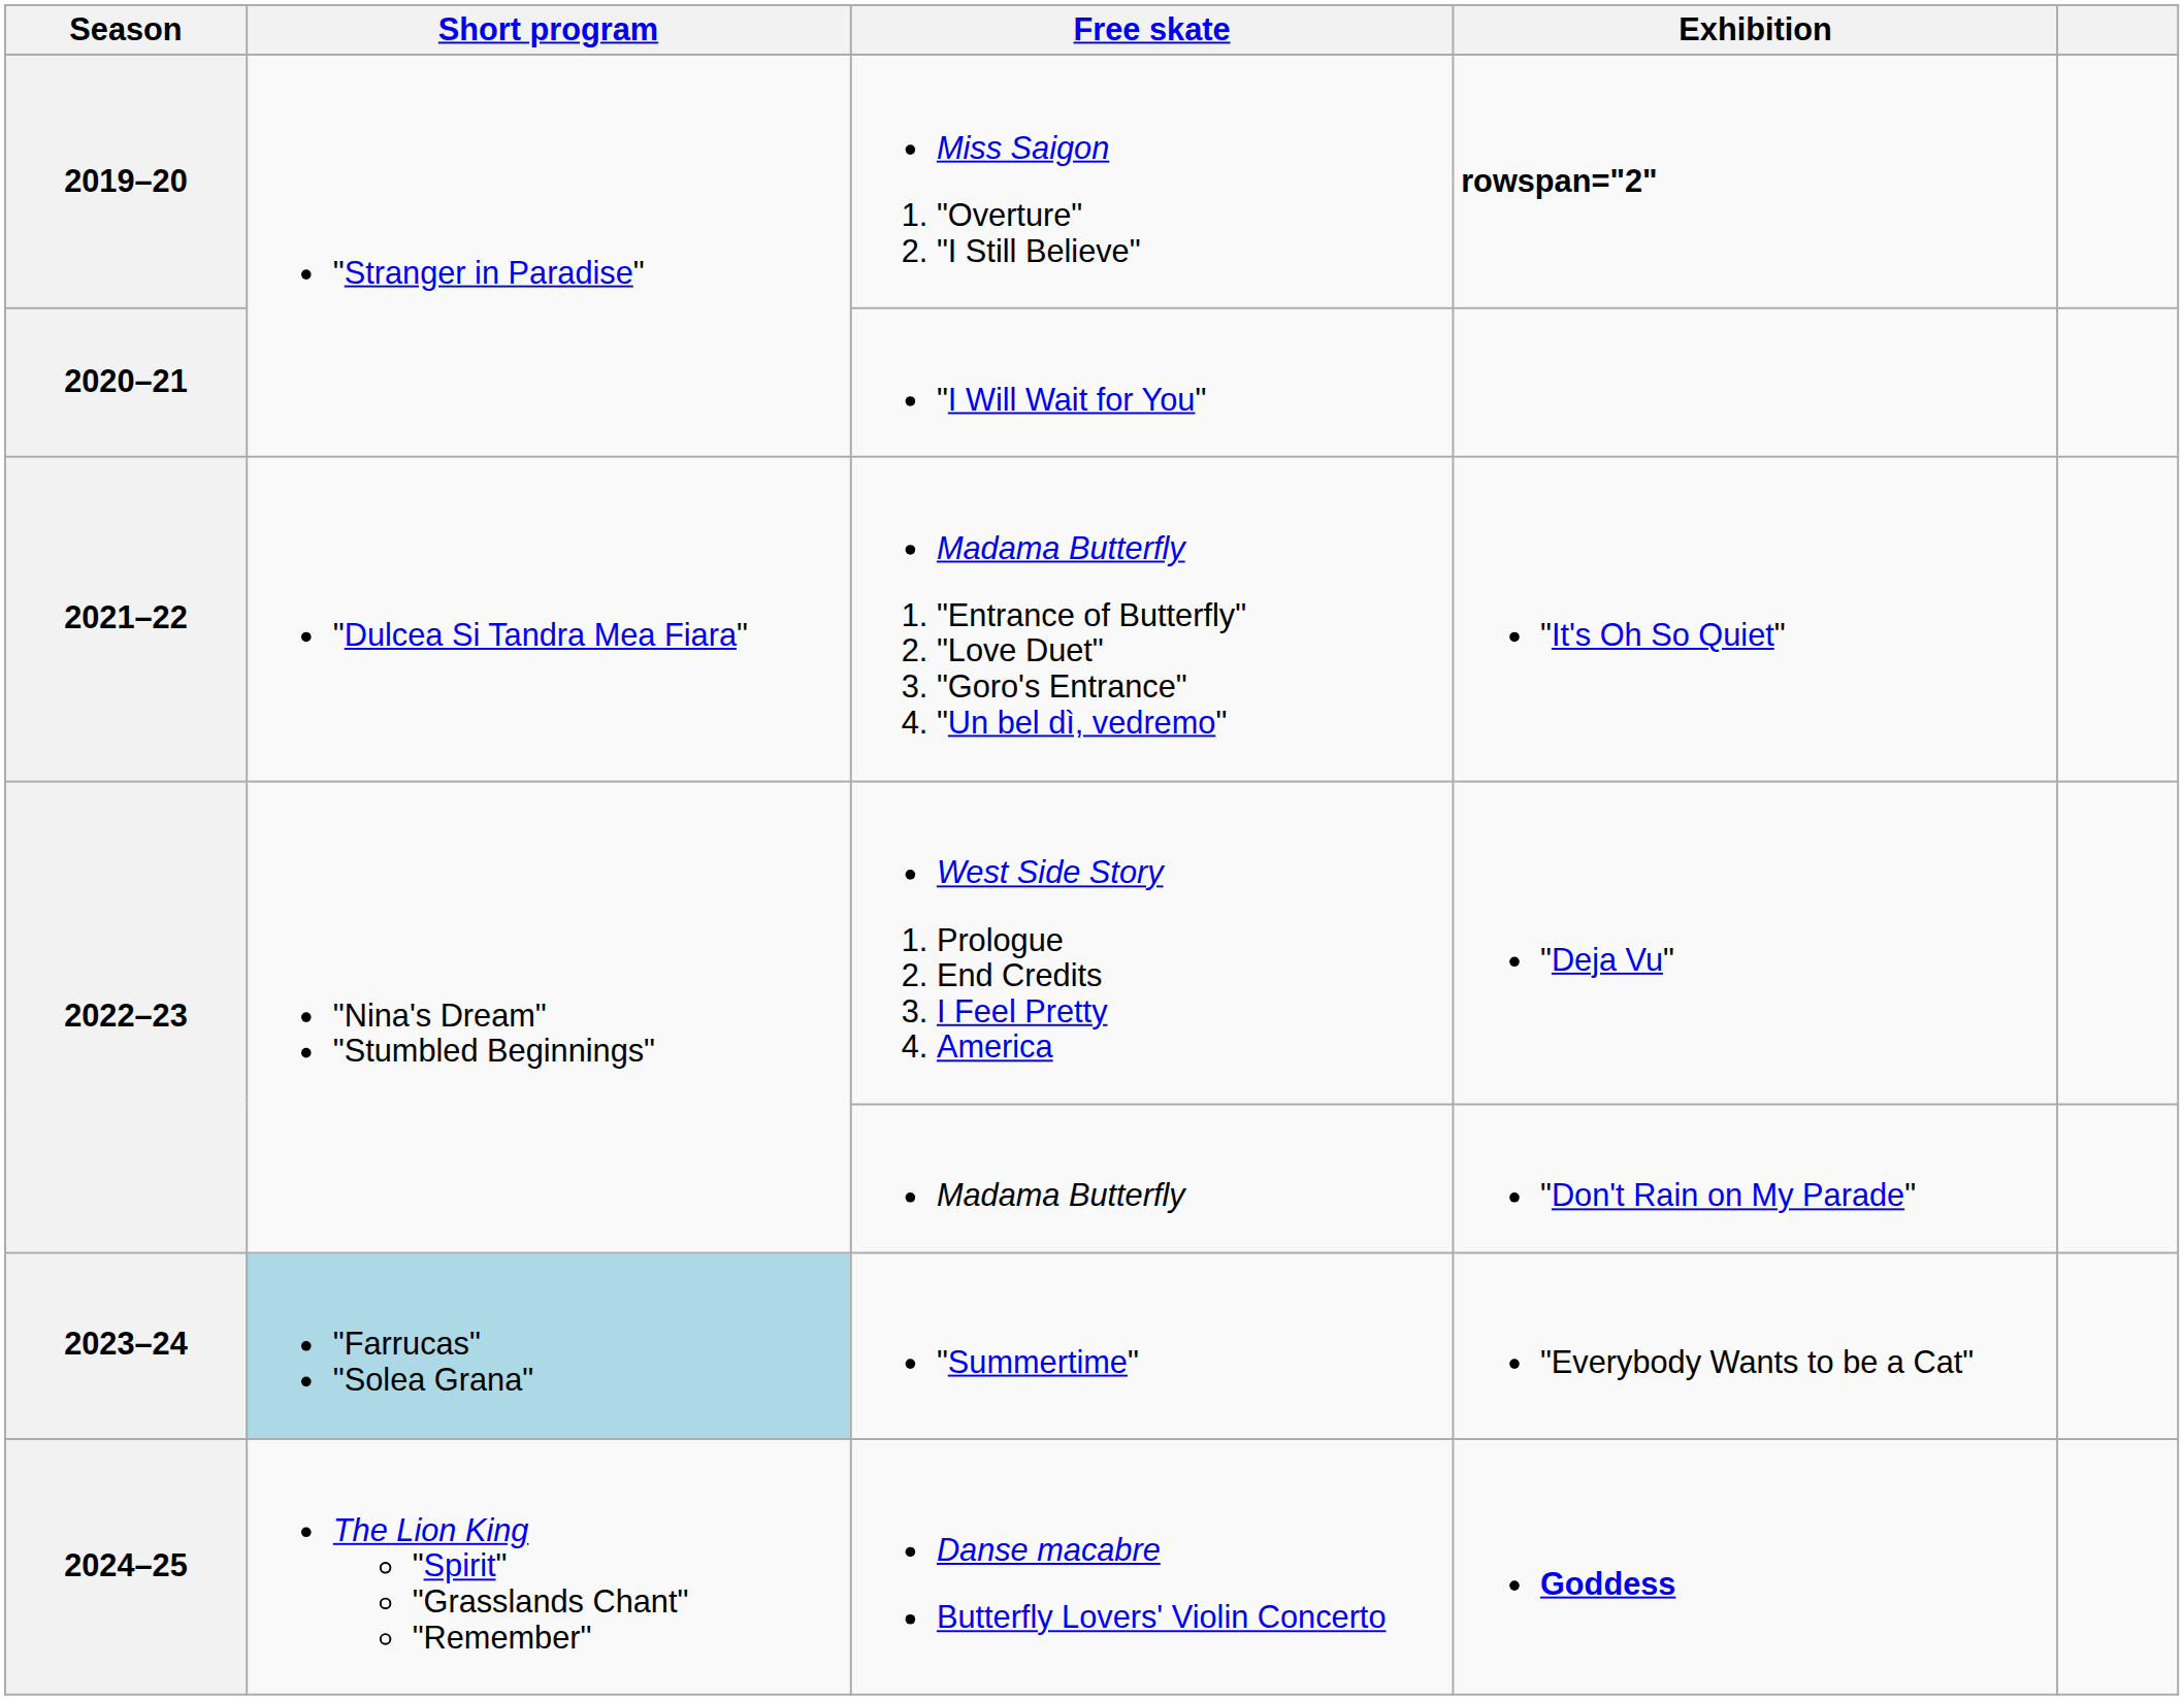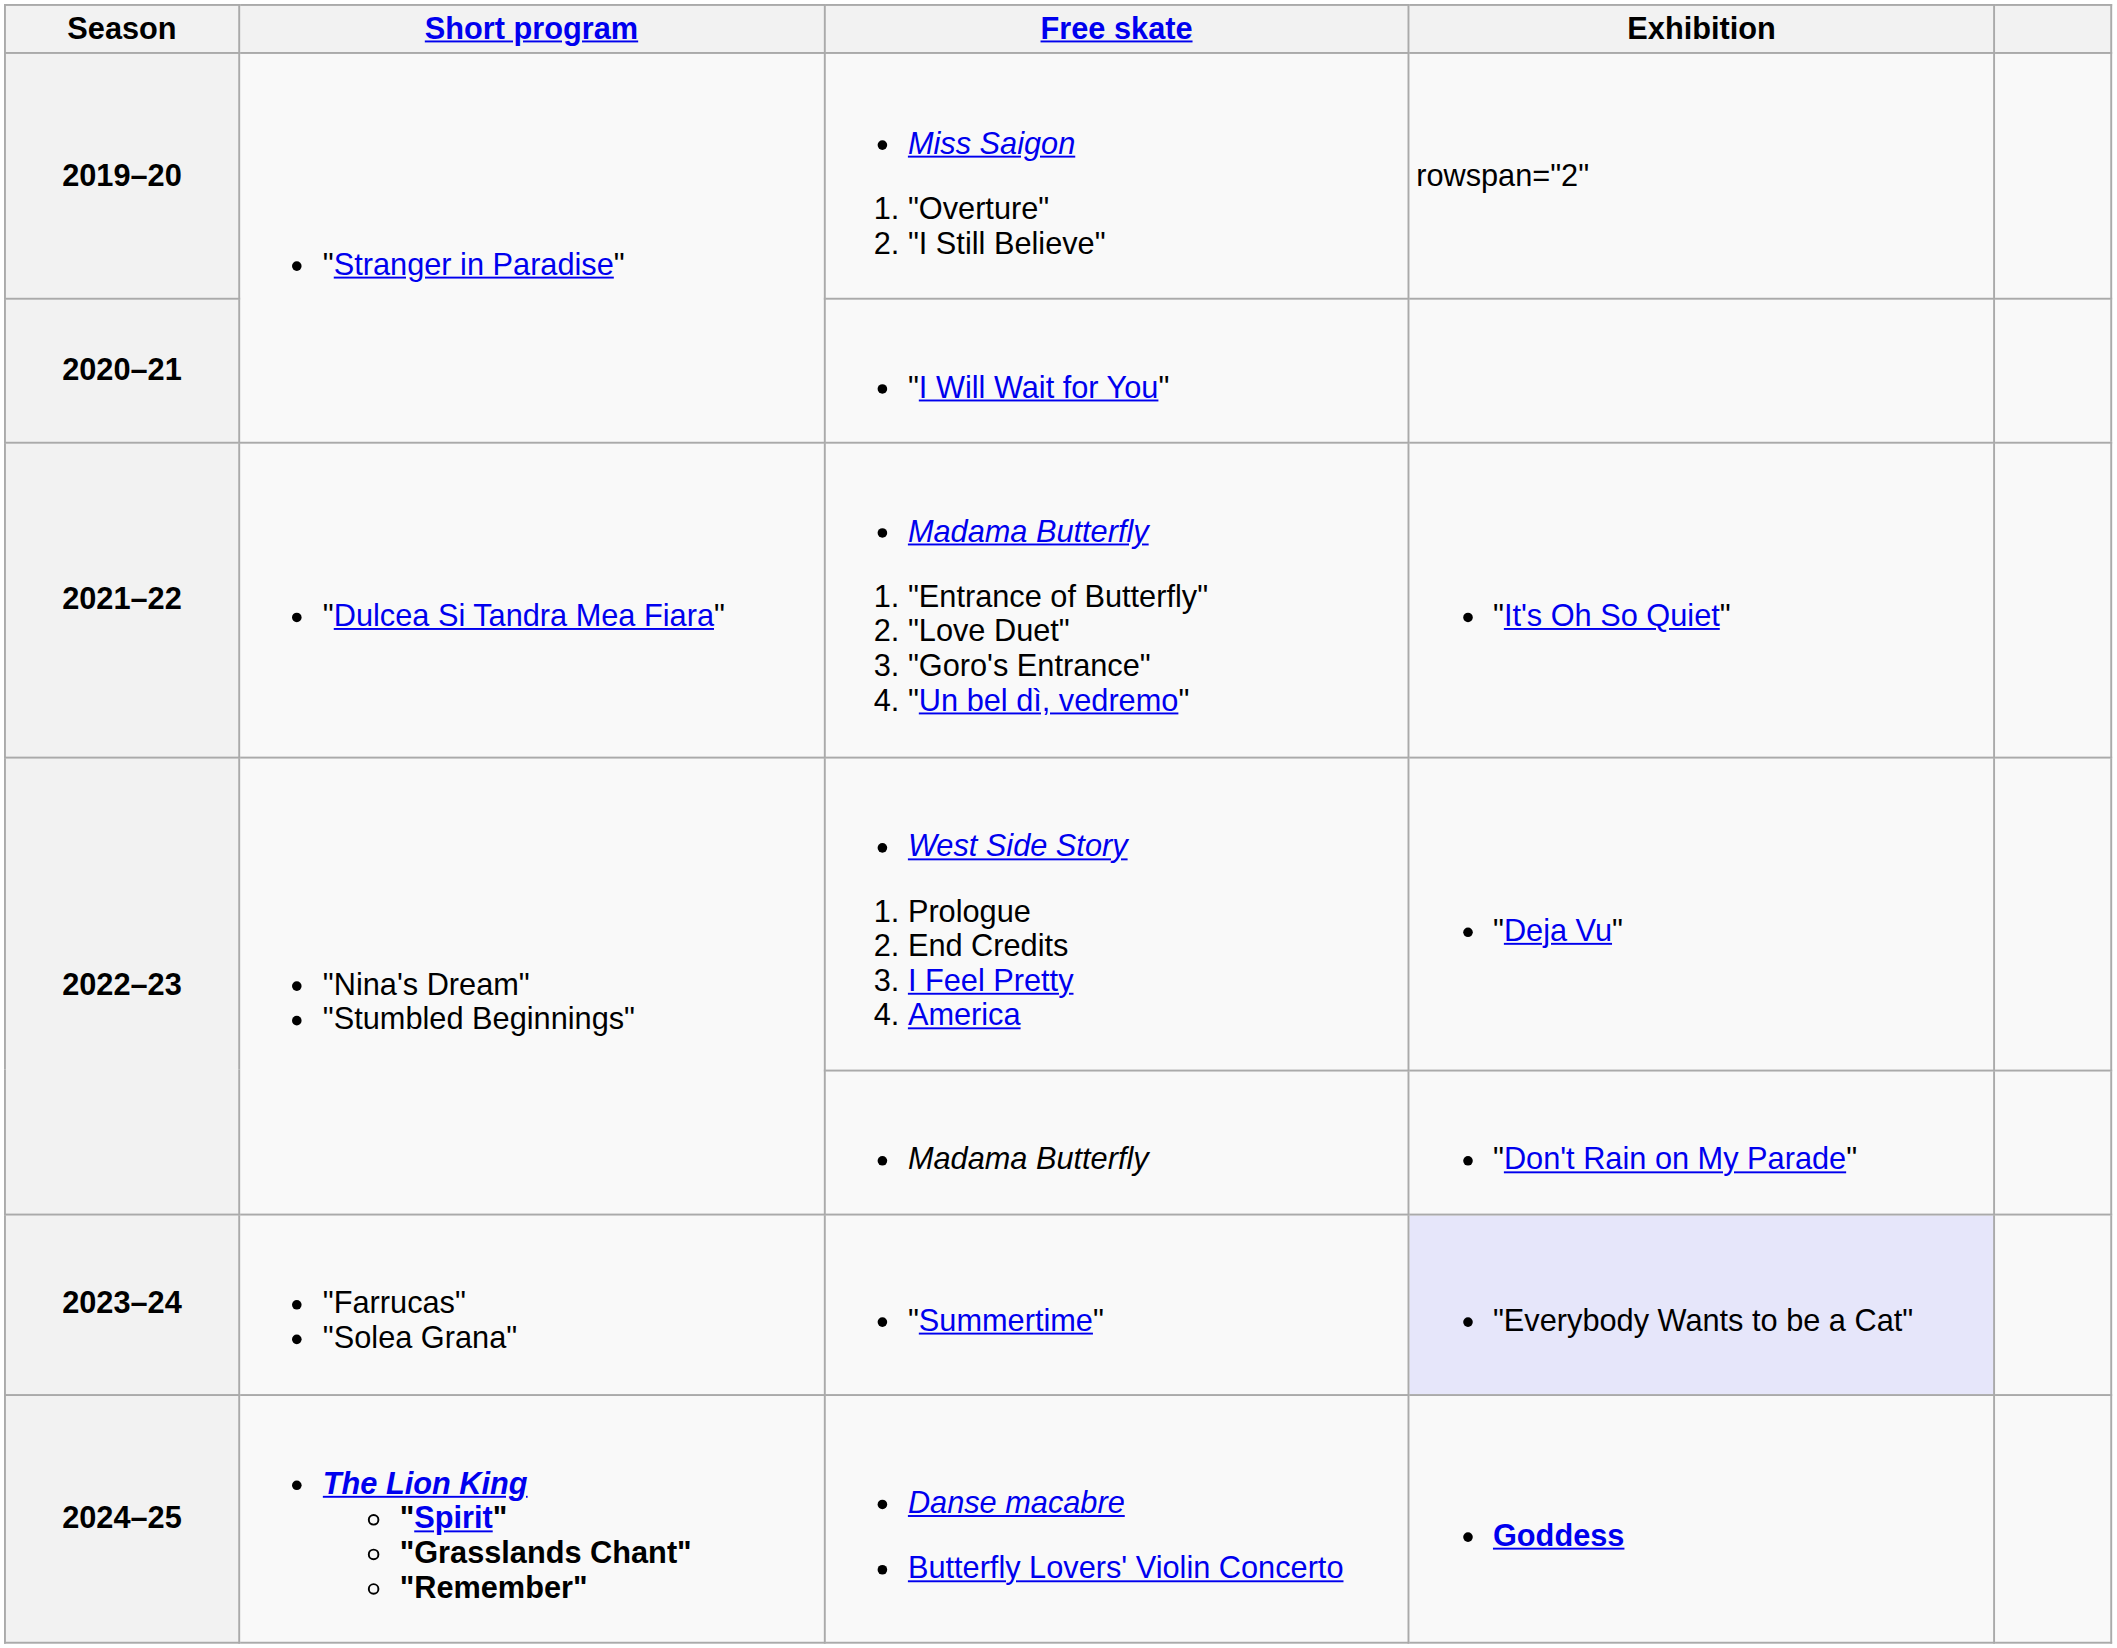 <table class="wikitable unsortable" style="text-align:left">
 <tr>
 <th scope="col" style="text-align:center; width:10%">Season</th>
 <th scope="col" style="text-align:center; width:25%"><a href='#'>Short program</a></th>
 <th scope="col" style="text-align:center; width:25%"><a href='#'>Free skate</a></th>
 <th scope="col" style="text-align:center; width:25%">Exhibition</th>
 <th scope="col" style="text-align:center; width:5%"></th>
 </tr>
 <tr>
 <th scope="row">2019–20</th>
 <td rowspan="2"><br><ul><li>"<a href='#'>Stranger in Paradise</a>"<br></li></ul></td>
 <td><br><ul><li><em><a href='#'>Miss Saigon</a></em></li></ul><ol><li>"Overture"</li><li>"I Still Believe"<br></li></ol></td>
-<td><strong>rowspan="2" </strong></td>
+<td>rowspan="2" </td>
 <td></td>
 </tr>
 <tr>
 <th scope="row">2020–21</th>
 <td><br><ul><li>"<a href='#'>I Will Wait for You</a>"<br></li></ul></td>
 <td></td>
 </tr>
 <tr>
 <th scope="row">2021–22</th>
 <td><br><ul><li>"<a href='#'>Dulcea Si Tandra Mea Fiara</a>"<br></li></ul></td>
 <td><br><ul><li><em><a href='#'>Madama Butterfly</a></em></li></ul><ol><li>"Entrance of Butterfly"</li><li>"Love Duet"</li><li>"Goro's Entrance"</li><li>"<a href='#'>Un bel dì, vedremo</a>"<br></li></ol></td>
 <td><br><ul><li>"<a href='#'>It's Oh So Quiet</a>"<br></li></ul></td>
 <td></td>
 </tr>
 <tr>
 <th rowspan="2">2022–23</th>
 <td rowspan="2"><br><ul><li>"Nina's Dream"</li><li>"Stumbled Beginnings"<br></li></ul></td>
 <td><br><ul><li><em><a href='#'>West Side Story</a></em></li></ul><ol><li>Prologue</li><li>End Credits</li><li><a href='#'>I Feel Pretty</a><br></li><li><a href='#'>America</a><br></li></ol></td>
 <td><br><ul><li>"<a href='#'>Deja Vu</a>"<br></li></ul></td>
 <td></td>
 </tr>
 <tr>
 <td><br><ul><li><em>Madama Butterfly</em></li></ul></td>
 <td><br><ul><li>"<a href='#'>Don't Rain on My Parade</a>"<br></li></ul></td>
 <td></td>
 </tr>
 <tr>
 <th scope="row">2023–24</th>
-<td style="background: lightblue;"><br><ul><li>"Farrucas"<br></li><li>"Solea Grana"<br></li></ul></td>
+<td><br><ul><li>"Farrucas"<br></li><li>"Solea Grana"<br></li></ul></td>
 <td><br><ul><li>"<a href='#'>Summertime</a>"<br></li></ul></td>
-<td><br><ul><li>"Everybody Wants to be a Cat"<br></li></ul></td>
+<td style="background: lavender;"><br><ul><li>"Everybody Wants to be a Cat"<br></li></ul></td>
 <td></td>
 </tr>
 <tr>
 <th scope="row">2024–25</th>
-<td><br><ul><li><em><a href='#'>The Lion King</a></em><ul><li>"<a href='#'>Spirit</a>"<br></li><li>"Grasslands Chant" <br></li><li>"Remember" <br></li></ul></li></ul></td>
+<td><strong><br><ul><li><em><a href='#'>The Lion King</a></em><ul><li>"<a href='#'>Spirit</a>"<br></li><li>"Grasslands Chant" <br></li><li>"Remember" <br></li></ul></li></ul></strong></td>
 <td><br><ul><li><em><a href='#'>Danse macabre</a></em><br></li></ul><ul><li><a href='#'>Butterfly Lovers' Violin Concerto</a> <br> </li></ul></td>
 <td><strong><br><ul><li><a href='#'>Goddess</a> <br> </li></ul></strong></td>
 <td></td>
 </tr>
 </table>
